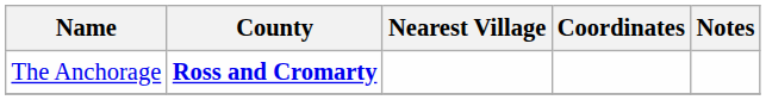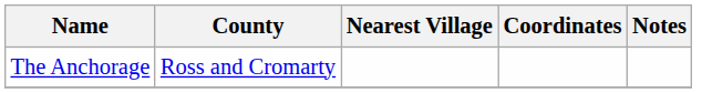 <table class="wikitable sortable" style="table-layout:fixed;background-color:#FEFEFE;font-size:95%;padding:0.30em;line-height:1.35em;">
 <tr>
 <th scope="col">Name</th>
 <th scope="col">County</th>
 <th scope="col">Nearest Village</th>
 <th scope="col" data-sort-type="number">Coordinates</th>
 <th scope="col">Notes</th>
 </tr>
 <tr>
 <td><a href='#'>The Anchorage</a></td>
-<td><strong><a href='#'>Ross and Cromarty</a></strong></td>
+<td><a href='#'>Ross and Cromarty</a></td>
 <td></td>
 <td></td>
 <td></td>
 </tr>
 <tr>
 </tr>
 </table>
